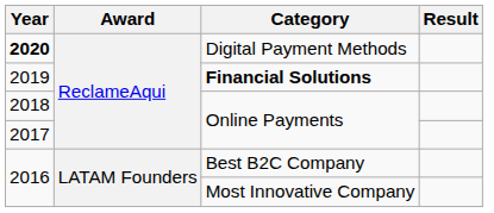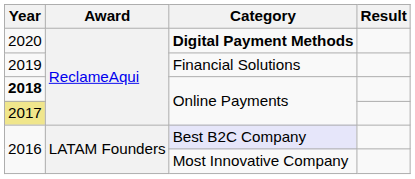 <table class="wikitable">
 <tr>
 <th>Year</th>
 <th>Award</th>
 <th>Category</th>
 <th>Result</th>
 </tr>
 <tr>
-<td><strong>2020</strong></td>
+<td>2020</td>
 <th rowspan="4" style="font-weight:normal; text-align:left;"><a href='#'>ReclameAqui</a></th>
-<td>Digital Payment Methods</td>
+<td><strong>Digital Payment Methods</strong></td>
 <td></td>
 </tr>
 <tr>
 <td>2019</td>
-<td><strong>Financial Solutions</strong></td>
+<td>Financial Solutions</td>
 <td></td>
 </tr>
 <tr>
-<td>2018</td>
+<td><strong>2018</strong></td>
 <td rowspan="2">Online Payments</td>
 <td></td>
 </tr>
 <tr>
-<td>2017</td>
+<td style="background: khaki;">2017</td>
 <td></td>
 </tr>
 <tr>
 <td rowspan="2">2016</td>
 <th rowspan="2" style="font-weight:normal; text-align:left;">LATAM Founders</th>
-<td>Best B2C Company</td>
+<td style="background: lavender;">Best B2C Company</td>
 <td></td>
 </tr>
 <tr>
 <td>Most Innovative Company</td>
 <td></td>
 </tr>
 </table>
